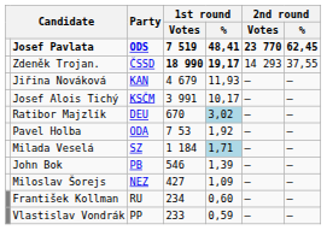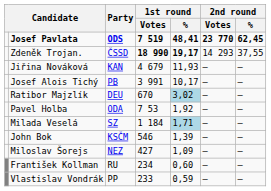 <table class="wikitable sortable">
 <tr>
 <th colspan="2" rowspan="2">Candidate</th>
 <th rowspan="2">Party</th>
 <th colspan="2">1st round</th>
 <th colspan="2">2nd round</th>
 </tr>
 <tr>
 <th>Votes</th>
 <th>%</th>
 <th>Votes</th>
 <th>%</th>
 </tr>
 <tr>
 <td style="background-color:"></td>
 <td><strong>Josef Pavlata</strong></td>
 <td><a href='#'><strong>ODS</strong></a></td>
 <td><strong>7 519</strong></td>
 <td><strong>48,41</strong></td>
 <td><strong>23 770</strong></td>
 <td><strong>62,45</strong></td>
 </tr>
 <tr>
 <td style="background-color:"></td>
 <td>Zdeněk Trojan.</td>
 <td><a href='#'>ČSSD</a></td>
 <td><strong>18 990</strong></td>
 <td><strong>19,17</strong></td>
 <td>14 293</td>
 <td>37,55</td>
 </tr>
 <tr>
 <td style="background-color:"></td>
 <td>Jiřina Nováková</td>
 <td><a href='#'>KAN</a></td>
 <td>4 679</td>
 <td>11,93</td>
 <td>—</td>
 <td>—</td>
 </tr>
 <tr>
 <td style="background-color:"></td>
 <td>Josef Alois Tichý</td>
-<td><a href='#'>KSČM</a></td>
+<td><a href='#'>PB</a></td>
 <td>3 991</td>
 <td>10,17</td>
 <td>—</td>
 <td>—</td>
 </tr>
 <tr>
 <td style="background-color:"></td>
 <td>Ratibor Majzlík</td>
 <td><a href='#'>DEU</a></td>
 <td>670</td>
 <td style="background: lightblue;">3,02</td>
 <td>—</td>
 <td>—</td>
 </tr>
 <tr>
 <td style="background-color:"></td>
 <td>Pavel Holba</td>
 <td><a href='#'>ODA</a></td>
 <td>7 53</td>
 <td>1,92</td>
 <td>—</td>
 <td>—</td>
 </tr>
 <tr>
 <td style="background-color:"></td>
 <td>Milada Veselá</td>
 <td><a href='#'>SZ</a></td>
 <td>1 184</td>
 <td style="background: lightblue;">1,71</td>
 <td>—</td>
 <td>—</td>
 </tr>
 <tr>
 <td style="background-color:"></td>
 <td>John Bok</td>
-<td><a href='#'>PB</a></td>
+<td><a href='#'>KSČM</a></td>
 <td>546</td>
 <td>1,39</td>
 <td>—</td>
 <td>—</td>
 </tr>
 <tr>
 <td style="background-color:"></td>
 <td>Miloslav Šorejs</td>
 <td><a href='#'>NEZ</a></td>
 <td>427</td>
 <td>1,09</td>
 <td>—</td>
 <td>—</td>
 </tr>
 <tr>
 <td style="background-color:grey;"></td>
 <td>František Kollman</td>
 <td>RU</td>
 <td>234</td>
 <td>0,60</td>
 <td>—</td>
 <td>—</td>
 </tr>
 <tr>
 <td style="background-color:grey;"></td>
 <td>Vlastislav Vondrák</td>
 <td>PP</td>
 <td>233</td>
 <td>0,59</td>
 <td>—</td>
 <td>—</td>
 </tr>
 </table>
